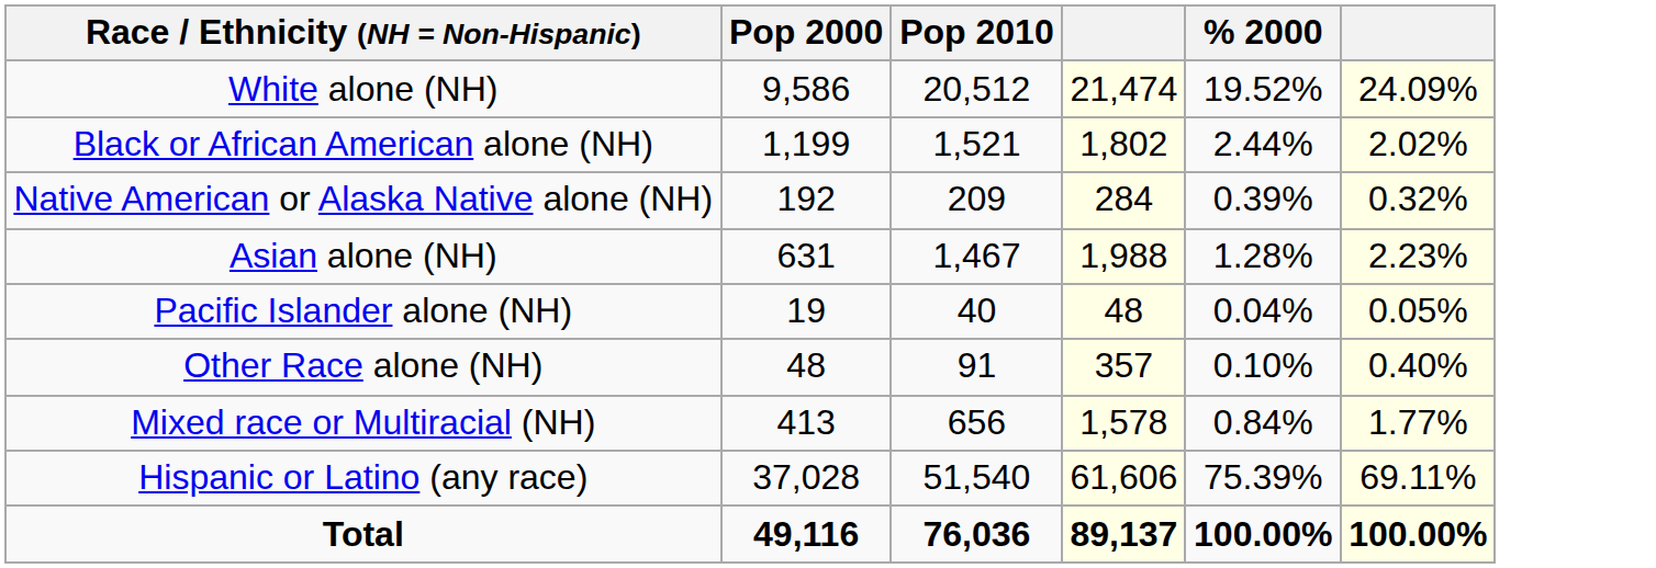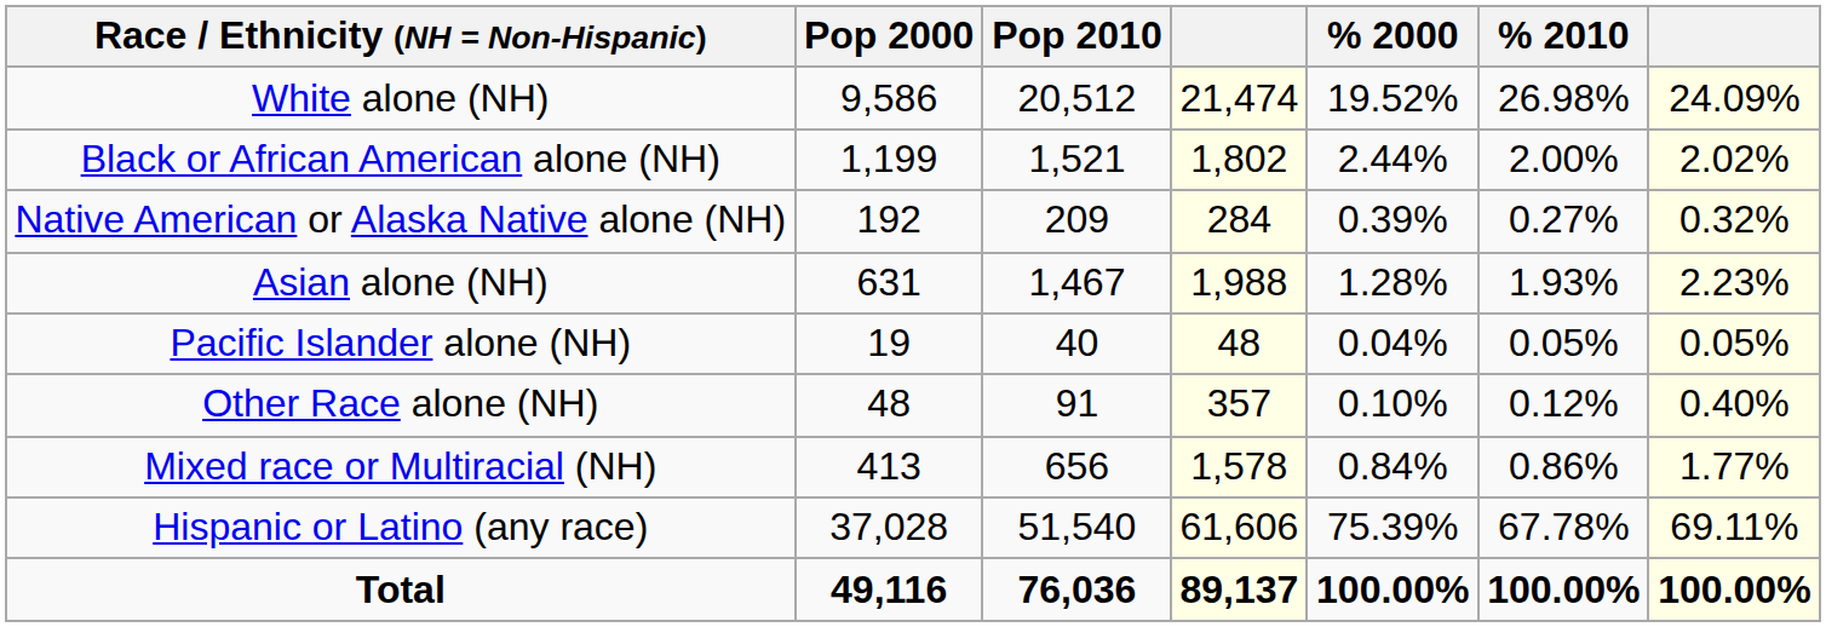 <table class="wikitable" style="text-align:center;">
 <tr>
 <th>Race / Ethnicity <small>(<em>NH = Non-Hispanic</em>)</small></th>
 <th>Pop 2000</th>
 <th>Pop 2010</th>
 <th></th>
 <th>% 2000</th>
+<th>% 2010</th>
 <th></th>
 </tr>
 <tr>
 <td><a href='#'>White</a> alone (NH)</td>
 <td>9,586</td>
 <td>20,512</td>
 <td style='background: #ffffe6;'>21,474</td>
 <td>19.52%</td>
+<td>26.98%</td>
 <td style='background: #ffffe6;'>24.09%</td>
 </tr>
 <tr>
 <td><a href='#'>Black or African American</a> alone (NH)</td>
 <td>1,199</td>
 <td>1,521</td>
 <td style='background: #ffffe6;'>1,802</td>
 <td>2.44%</td>
+<td>2.00%</td>
 <td style='background: #ffffe6;'>2.02%</td>
 </tr>
 <tr>
 <td><a href='#'>Native American</a> or <a href='#'>Alaska Native</a> alone (NH)</td>
 <td>192</td>
 <td>209</td>
 <td style='background: #ffffe6;'>284</td>
 <td>0.39%</td>
+<td>0.27%</td>
 <td style='background: #ffffe6;'>0.32%</td>
 </tr>
 <tr>
 <td><a href='#'>Asian</a> alone (NH)</td>
 <td>631</td>
 <td>1,467</td>
 <td style='background: #ffffe6;'>1,988</td>
 <td>1.28%</td>
+<td>1.93%</td>
 <td style='background: #ffffe6;'>2.23%</td>
 </tr>
 <tr>
 <td><a href='#'>Pacific Islander</a> alone (NH)</td>
 <td>19</td>
 <td>40</td>
 <td style='background: #ffffe6;'>48</td>
 <td>0.04%</td>
+<td>0.05%</td>
 <td style='background: #ffffe6;'>0.05%</td>
 </tr>
 <tr>
 <td><a href='#'>Other Race</a> alone (NH)</td>
 <td>48</td>
 <td>91</td>
 <td style='background: #ffffe6;'>357</td>
 <td>0.10%</td>
+<td>0.12%</td>
 <td style='background: #ffffe6;'>0.40%</td>
 </tr>
 <tr>
 <td><a href='#'>Mixed race or Multiracial</a> (NH)</td>
 <td>413</td>
 <td>656</td>
 <td style='background: #ffffe6;'>1,578</td>
 <td>0.84%</td>
+<td>0.86%</td>
 <td style='background: #ffffe6;'>1.77%</td>
 </tr>
 <tr>
 <td><a href='#'>Hispanic or Latino</a> (any race)</td>
 <td>37,028</td>
 <td>51,540</td>
 <td style='background: #ffffe6;'>61,606</td>
 <td>75.39%</td>
+<td>67.78%</td>
 <td style='background: #ffffe6;'>69.11%</td>
 </tr>
 <tr>
 <td><strong>Total</strong></td>
 <td><strong>49,116</strong></td>
 <td><strong>76,036 </strong></td>
 <td style='background: #ffffe6;'><strong>89,137</strong></td>
 <td><strong>100.00%</strong></td>
+<td><strong>100.00%</strong></td>
 <td style='background: #ffffe6;'><strong>100.00%</strong></td>
 </tr>
 </table>
